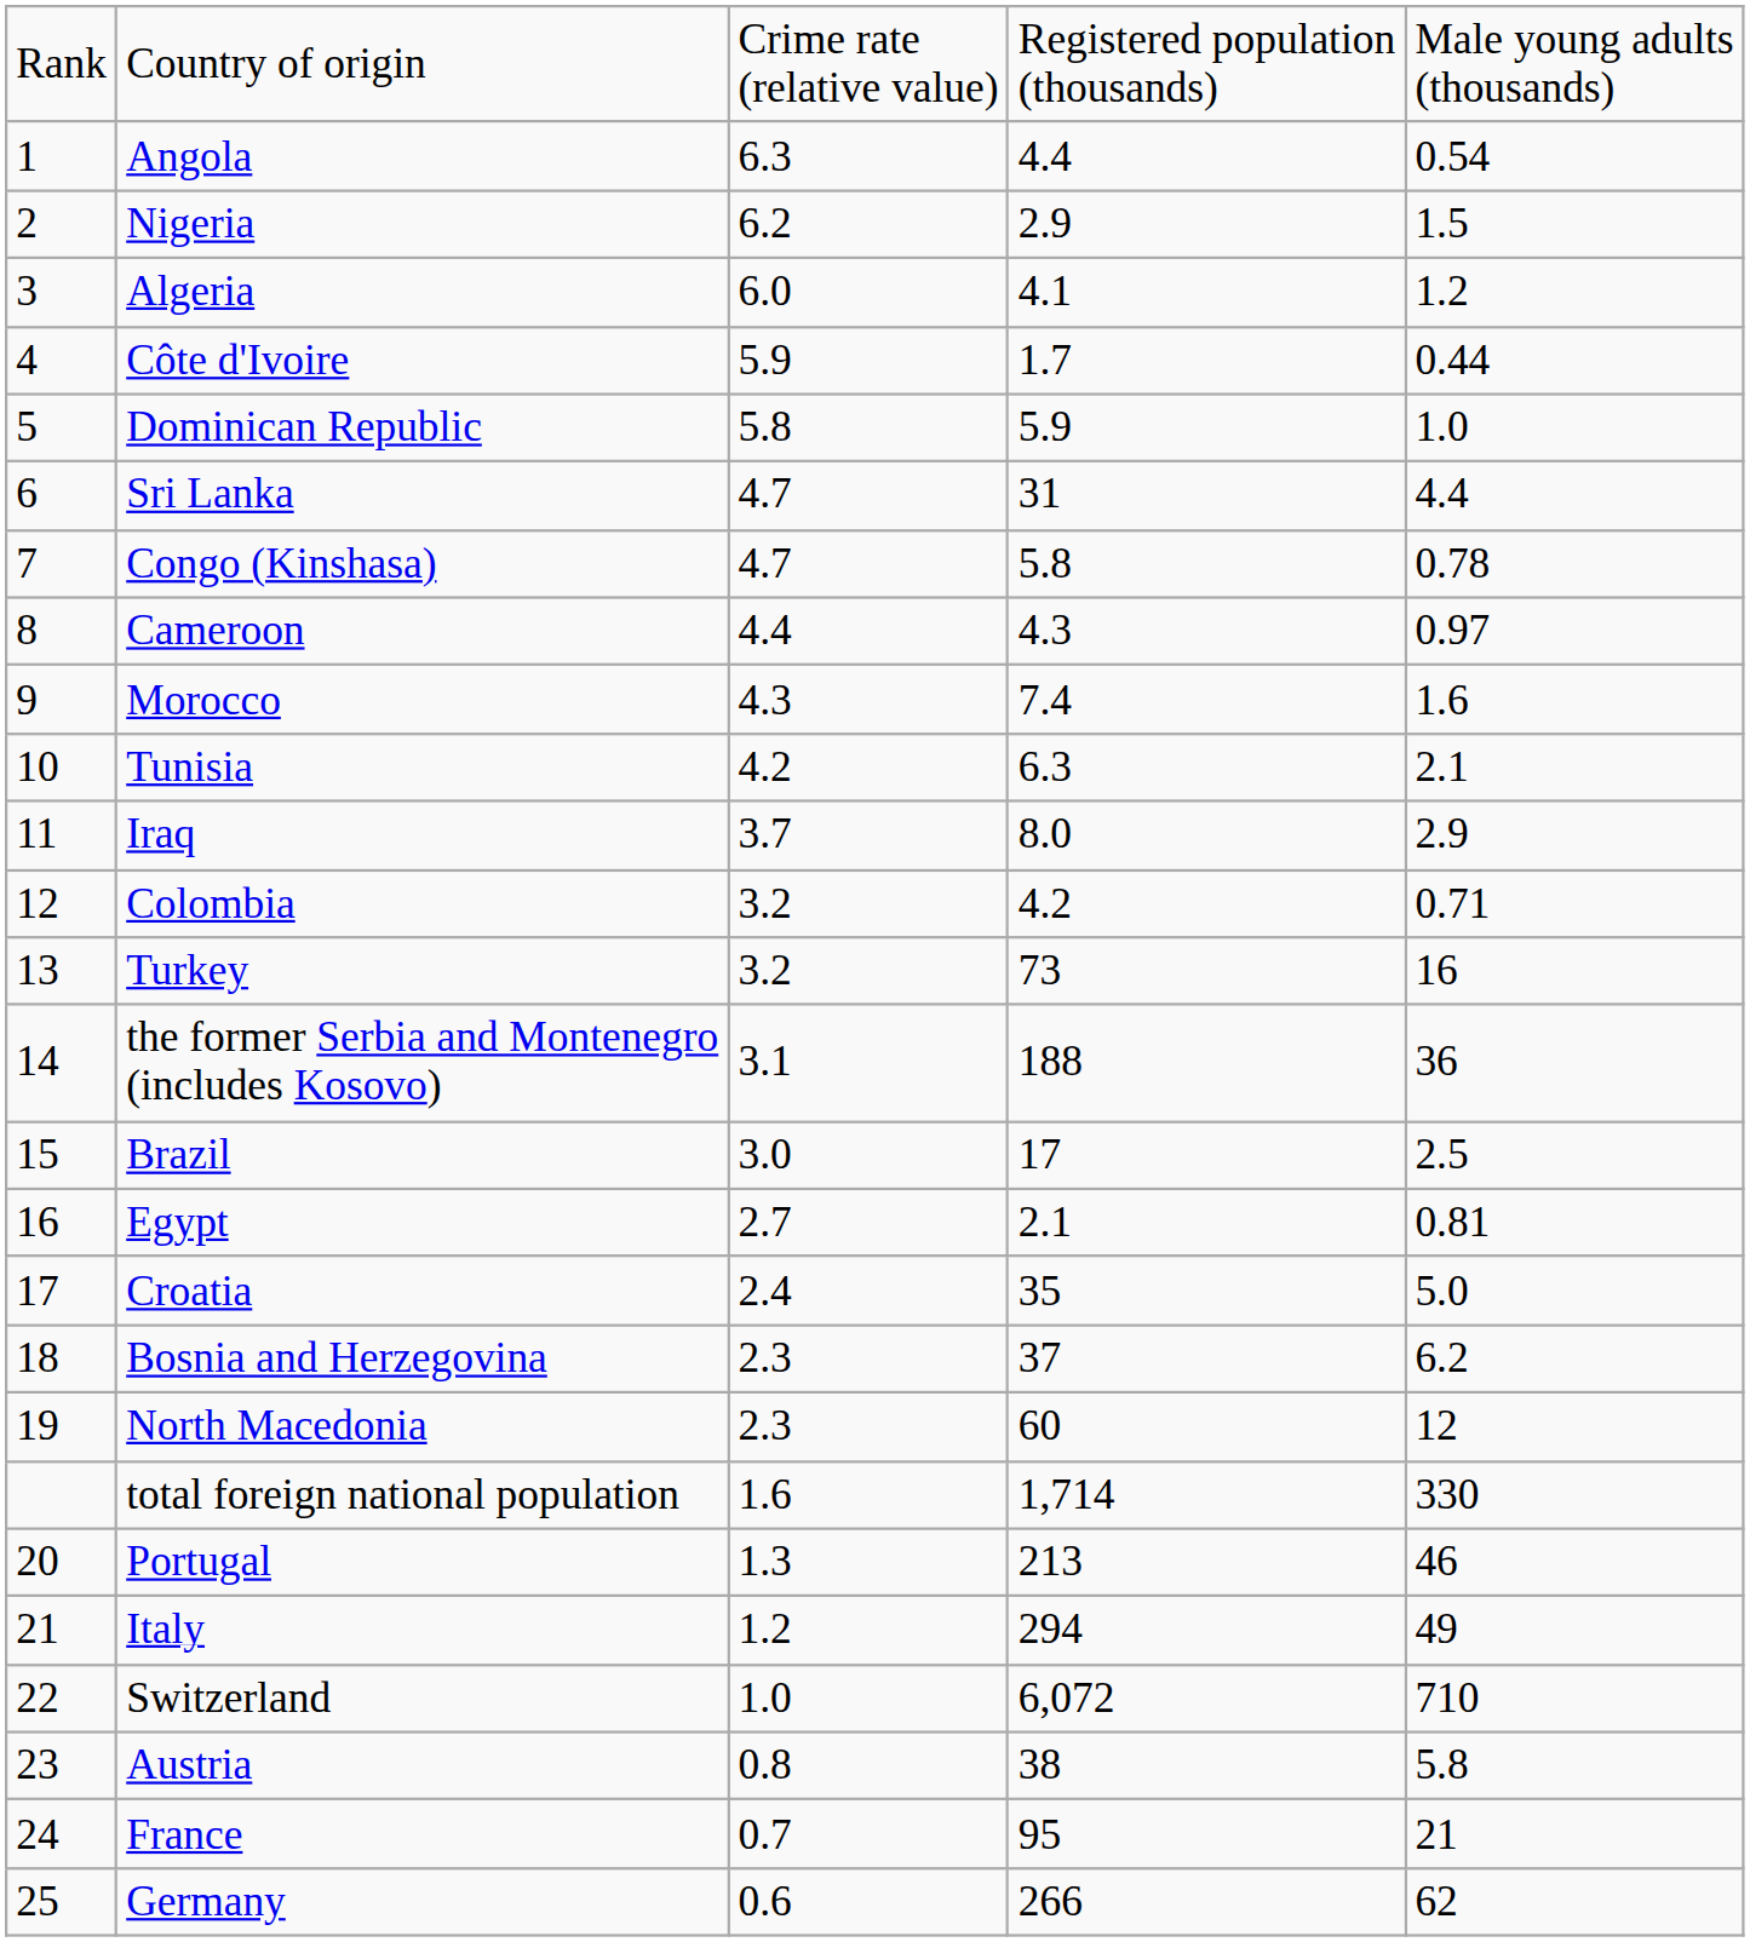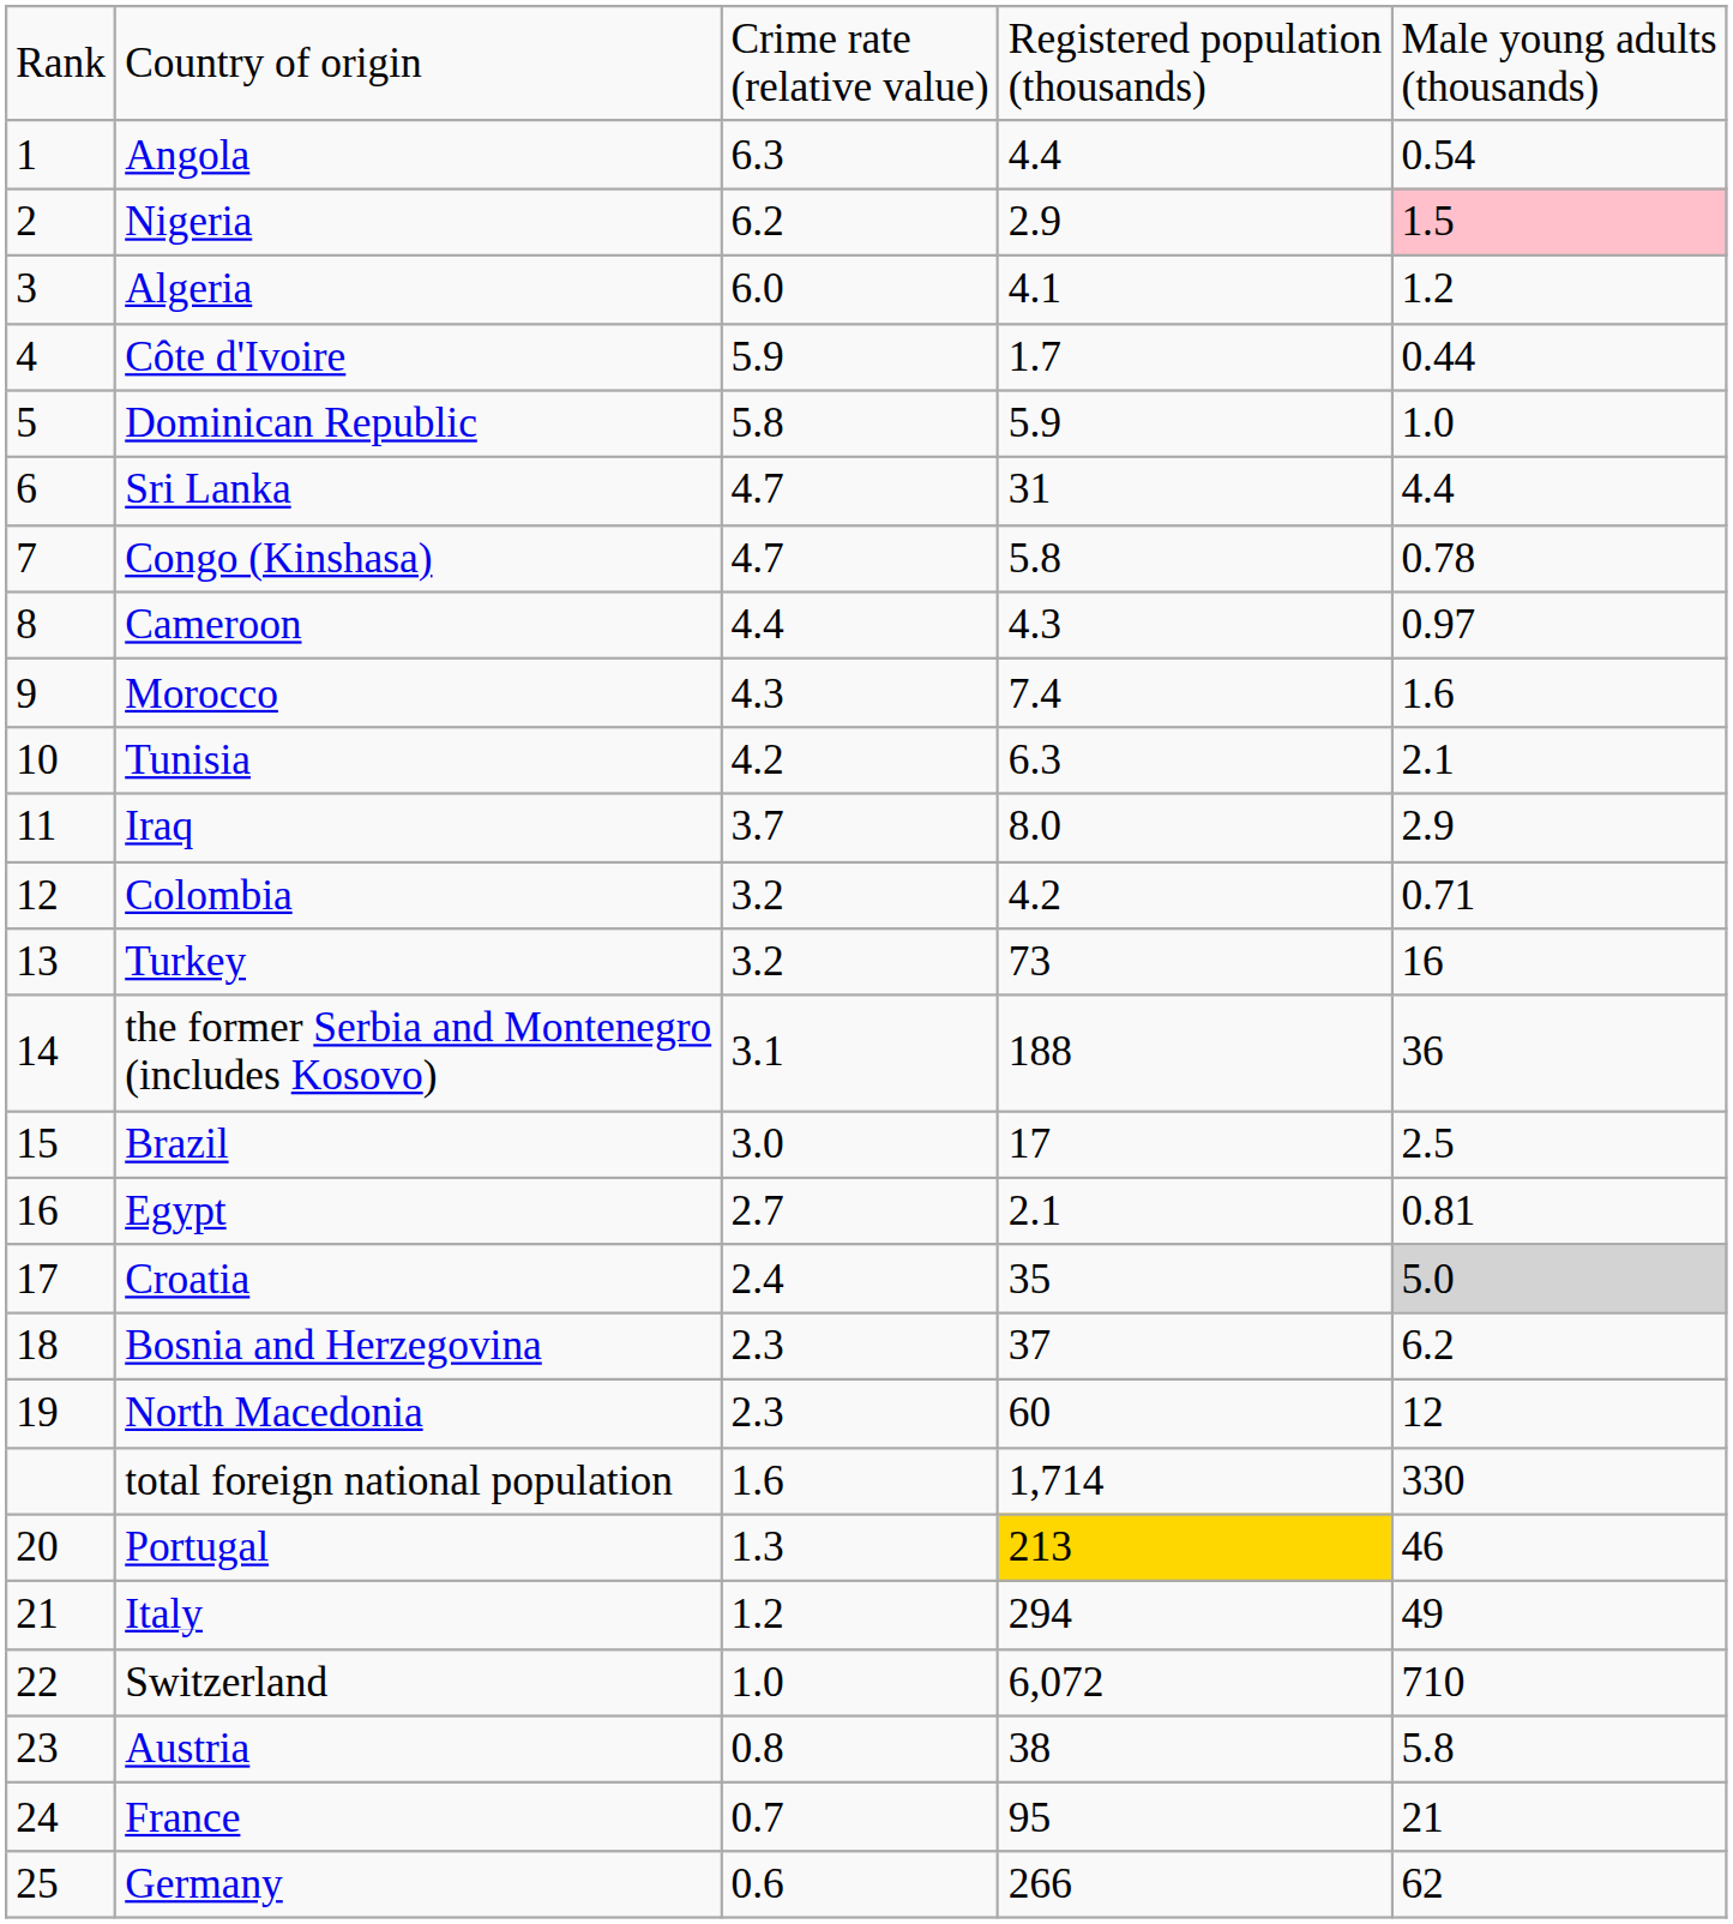 <table class="wikitable sortable">
 <tr>
 <td>Rank</td>
 <td>Country of origin</td>
 <td>Crime rate<br>(relative value)</td>
 <td>Registered population<br>(thousands)</td>
 <td>Male young adults<br>(thousands)</td>
 </tr>
 <tr>
 <td>1</td>
 <td><a href='#'>Angola</a></td>
 <td>6.3</td>
 <td>4.4</td>
 <td>0.54</td>
 </tr>
 <tr>
 <td>2</td>
 <td><a href='#'>Nigeria</a></td>
 <td>6.2</td>
 <td>2.9</td>
-<td>1.5</td>
+<td style="background: pink;">1.5</td>
 </tr>
 <tr>
 <td>3</td>
 <td><a href='#'>Algeria</a></td>
 <td>6.0</td>
 <td>4.1</td>
 <td>1.2</td>
 </tr>
 <tr>
 <td>4</td>
 <td><a href='#'>Côte d'Ivoire</a></td>
 <td>5.9</td>
 <td>1.7</td>
 <td>0.44</td>
 </tr>
 <tr>
 <td>5</td>
 <td><a href='#'>Dominican Republic</a></td>
 <td>5.8</td>
 <td>5.9</td>
 <td>1.0</td>
 </tr>
 <tr>
 <td>6</td>
 <td><a href='#'>Sri Lanka</a></td>
 <td>4.7</td>
 <td>31</td>
 <td>4.4</td>
 </tr>
 <tr>
 <td>7</td>
 <td><a href='#'>Congo (Kinshasa)</a></td>
 <td>4.7</td>
 <td>5.8</td>
 <td>0.78</td>
 </tr>
 <tr>
 <td>8</td>
 <td><a href='#'>Cameroon</a></td>
 <td>4.4</td>
 <td>4.3</td>
 <td>0.97</td>
 </tr>
 <tr>
 <td>9</td>
 <td><a href='#'>Morocco</a></td>
 <td>4.3</td>
 <td>7.4</td>
 <td>1.6</td>
 </tr>
 <tr>
 <td>10</td>
 <td><a href='#'>Tunisia</a></td>
 <td>4.2</td>
 <td>6.3</td>
 <td>2.1</td>
 </tr>
 <tr>
 <td>11</td>
 <td><a href='#'>Iraq</a></td>
 <td>3.7</td>
 <td>8.0</td>
 <td>2.9</td>
 </tr>
 <tr>
 <td>12</td>
 <td><a href='#'>Colombia</a></td>
 <td>3.2</td>
 <td>4.2</td>
 <td>0.71</td>
 </tr>
 <tr>
 <td>13</td>
 <td><a href='#'>Turkey</a></td>
 <td>3.2</td>
 <td>73</td>
 <td>16</td>
 </tr>
 <tr>
 <td>14</td>
 <td>the former <a href='#'>Serbia and Montenegro</a><br> (includes <a href='#'>Kosovo</a>)</td>
 <td>3.1</td>
 <td>188</td>
 <td>36</td>
 </tr>
 <tr>
 <td>15</td>
 <td><a href='#'>Brazil</a></td>
 <td>3.0</td>
 <td>17</td>
 <td>2.5</td>
 </tr>
 <tr>
 <td>16</td>
 <td><a href='#'>Egypt</a></td>
 <td>2.7</td>
 <td>2.1</td>
 <td>0.81</td>
 </tr>
 <tr>
 <td>17</td>
 <td><a href='#'>Croatia</a></td>
 <td>2.4</td>
 <td>35</td>
-<td>5.0</td>
+<td style="background: lightgrey;">5.0</td>
 </tr>
 <tr>
 <td>18</td>
 <td><a href='#'>Bosnia and Herzegovina</a></td>
 <td>2.3</td>
 <td>37</td>
 <td>6.2</td>
 </tr>
 <tr>
 <td>19</td>
 <td><a href='#'>North Macedonia</a></td>
 <td>2.3</td>
 <td>60</td>
 <td>12</td>
 </tr>
 <tr>
 <td></td>
 <td>total foreign national population</td>
 <td>1.6</td>
 <td>1,714</td>
 <td>330</td>
 </tr>
 <tr>
 <td>20</td>
 <td><a href='#'>Portugal</a></td>
 <td>1.3</td>
-<td>213</td>
+<td style="background: gold;">213</td>
 <td>46</td>
 </tr>
 <tr>
 <td>21</td>
 <td><a href='#'>Italy</a></td>
 <td>1.2</td>
 <td>294</td>
 <td>49</td>
 </tr>
 <tr>
 <td>22</td>
 <td>Switzerland</td>
 <td>1.0</td>
 <td>6,072</td>
 <td>710</td>
 </tr>
 <tr>
 <td>23</td>
 <td><a href='#'>Austria</a></td>
 <td>0.8</td>
 <td>38</td>
 <td>5.8</td>
 </tr>
 <tr>
 <td>24</td>
 <td><a href='#'>France</a></td>
 <td>0.7</td>
 <td>95</td>
 <td>21</td>
 </tr>
 <tr>
 <td>25</td>
 <td><a href='#'>Germany</a></td>
 <td>0.6</td>
 <td>266</td>
 <td>62</td>
 </tr>
 </table>
